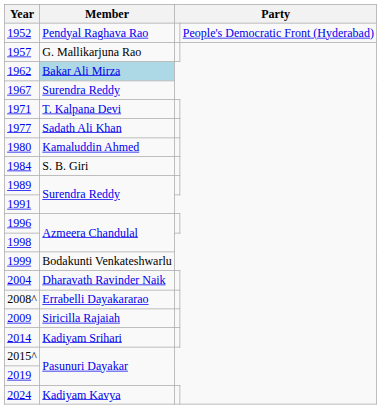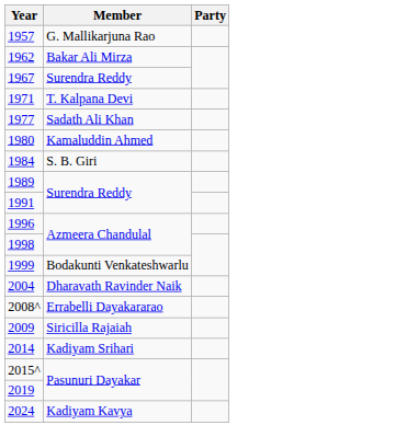 <table class="wikitable sortable">
 <tr>
 <th>Year</th>
 <th>Member</th>
 <th colspan="2">Party</th>
-</tr>
-<tr>
-<td><a href='#'>1952</a></td>
-<td><a href='#'>Pendyal Raghava Rao</a></td>
-<td style="background-color: "></td>
-<td><a href='#'>People's Democratic Front (Hyderabad)</a></td>
 </tr>
 <tr>
 <td><a href='#'>1957</a></td>
 <td>G. Mallikarjuna Rao</td>
 <td></td>
 </tr>
 <tr>
 <td><a href='#'>1962</a></td>
-<td style="background: lightblue;"><a href='#'>Bakar Ali Mirza</a></td>
+<td><a href='#'>Bakar Ali Mirza</a></td>
 </tr>
 <tr>
 <td><a href='#'>1967</a></td>
 <td><a href='#'>Surendra Reddy</a></td>
 </tr>
 <tr>
 <td><a href='#'>1971</a></td>
 <td><a href='#'>T. Kalpana Devi</a></td>
 <td></td>
 </tr>
 <tr>
 <td><a href='#'>1977</a></td>
 <td><a href='#'>Sadath Ali Khan</a></td>
 <td></td>
 </tr>
 <tr>
 <td><a href='#'>1980</a></td>
 <td><a href='#'>Kamaluddin Ahmed</a></td>
 <td></td>
 </tr>
 <tr>
 <td><a href='#'>1984</a></td>
 <td>S. B. Giri</td>
 <td></td>
 </tr>
 <tr>
 <td><a href='#'>1989</a></td>
 <td rowspan="2"><a href='#'>Surendra Reddy</a></td>
 <td></td>
 </tr>
 <tr>
 <td><a href='#'>1991</a></td>
 </tr>
 <tr>
 <td><a href='#'>1996</a></td>
 <td rowspan="2"><a href='#'>Azmeera Chandulal</a></td>
 <td></td>
 </tr>
 <tr>
 <td><a href='#'>1998</a></td>
 </tr>
 <tr>
 <td><a href='#'>1999</a></td>
 <td>Bodakunti Venkateshwarlu</td>
 </tr>
 <tr>
 <td><a href='#'>2004</a></td>
 <td><a href='#'>Dharavath Ravinder Naik</a></td>
 <td></td>
 </tr>
 <tr>
 <td>2008^</td>
 <td><a href='#'>Errabelli Dayakararao</a></td>
 <td></td>
 </tr>
 <tr>
 <td><a href='#'>2009</a></td>
 <td><a href='#'>Siricilla Rajaiah</a></td>
 <td></td>
 </tr>
 <tr>
 <td><a href='#'>2014</a></td>
 <td><a href='#'>Kadiyam Srihari</a></td>
 <td></td>
 </tr>
 <tr>
 <td>2015^</td>
 <td rowspan="2"><a href='#'>Pasunuri Dayakar</a></td>
 </tr>
 <tr>
 <td><a href='#'>2019</a></td>
 </tr>
 <tr>
 <td><a href='#'>2024</a></td>
 <td><a href='#'>Kadiyam Kavya</a></td>
 <td></td>
 </tr>
 </table>
